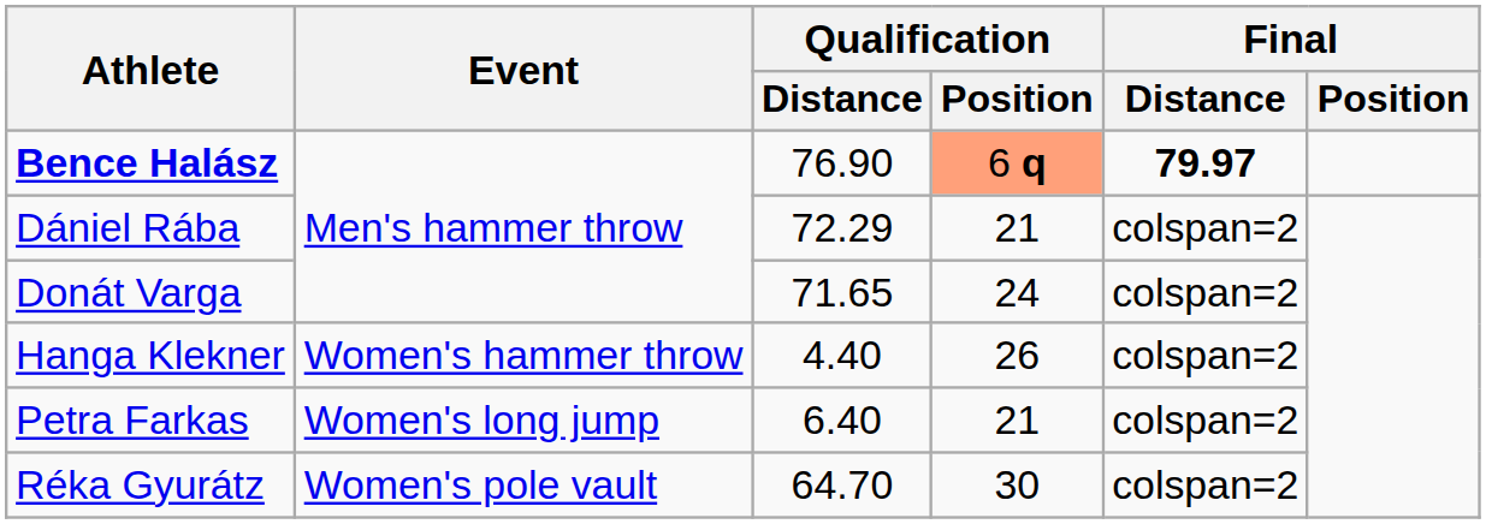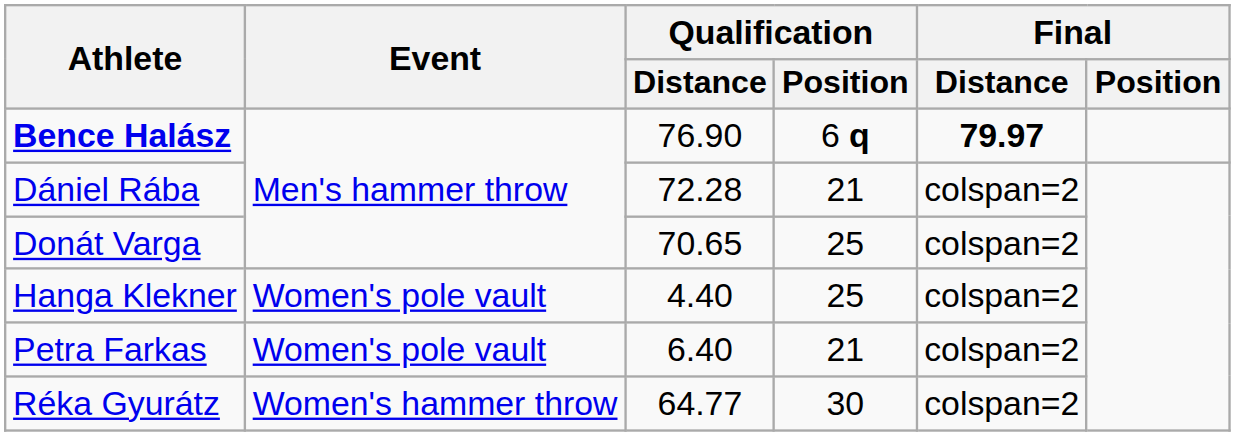 <table class="wikitable" style="font-size:90%">
 <tr>
 <th rowspan="2">Athlete</th>
 <th rowspan="2">Event</th>
 <th colspan="2">Qualification</th>
 <th colspan="2">Final</th>
 </tr>
 <tr style="font-size:95%">
 <th>Distance</th>
 <th>Position</th>
 <th>Distance</th>
 <th>Position</th>
 </tr>
 <tr align=center>
 <td align=left><strong><a href='#'>Bence Halász</a></strong></td>
 <td align=left rowspan=3><a href='#'>Men's hammer throw</a></td>
 <td>76.90</td>
-<td style="background: lightsalmon;">6 <strong>q</strong></td>
+<td>6 <strong>q</strong></td>
 <td><strong>79.97</strong></td>
 <td></td>
 </tr>
 <tr align=center>
 <td align=left><a href='#'>Dániel Rába</a></td>
-<td>72.29</td>
+<td>72.28</td>
 <td>21</td>
 <td>colspan=2 </td>
 </tr>
 <tr align=center>
 <td align=left><a href='#'>Donát Varga</a></td>
-<td>71.65</td>
-<td>24</td>
+<td>70.65</td>
+<td>25</td>
 <td>colspan=2 </td>
 </tr>
 <tr align=center>
 <td align=left><a href='#'>Hanga Klekner</a></td>
-<td align=left><a href='#'>Women's hammer throw</a></td>
+<td align=left><a href='#'>Women's pole vault</a></td>
 <td>4.40</td>
-<td>26</td>
+<td>25</td>
 <td>colspan=2 </td>
 </tr>
 <tr align=center>
 <td align=left><a href='#'>Petra Farkas</a></td>
-<td align=left><a href='#'>Women's long jump</a></td>
+<td align=left><a href='#'>Women's pole vault</a></td>
 <td>6.40</td>
 <td>21</td>
 <td>colspan=2 </td>
 </tr>
 <tr align=center>
 <td align=left><a href='#'>Réka Gyurátz</a></td>
-<td align=left><a href='#'>Women's pole vault</a></td>
-<td>64.70</td>
+<td align=left><a href='#'>Women's hammer throw</a></td>
+<td>64.77</td>
 <td>30</td>
 <td>colspan=2 </td>
 </tr>
 </table>
